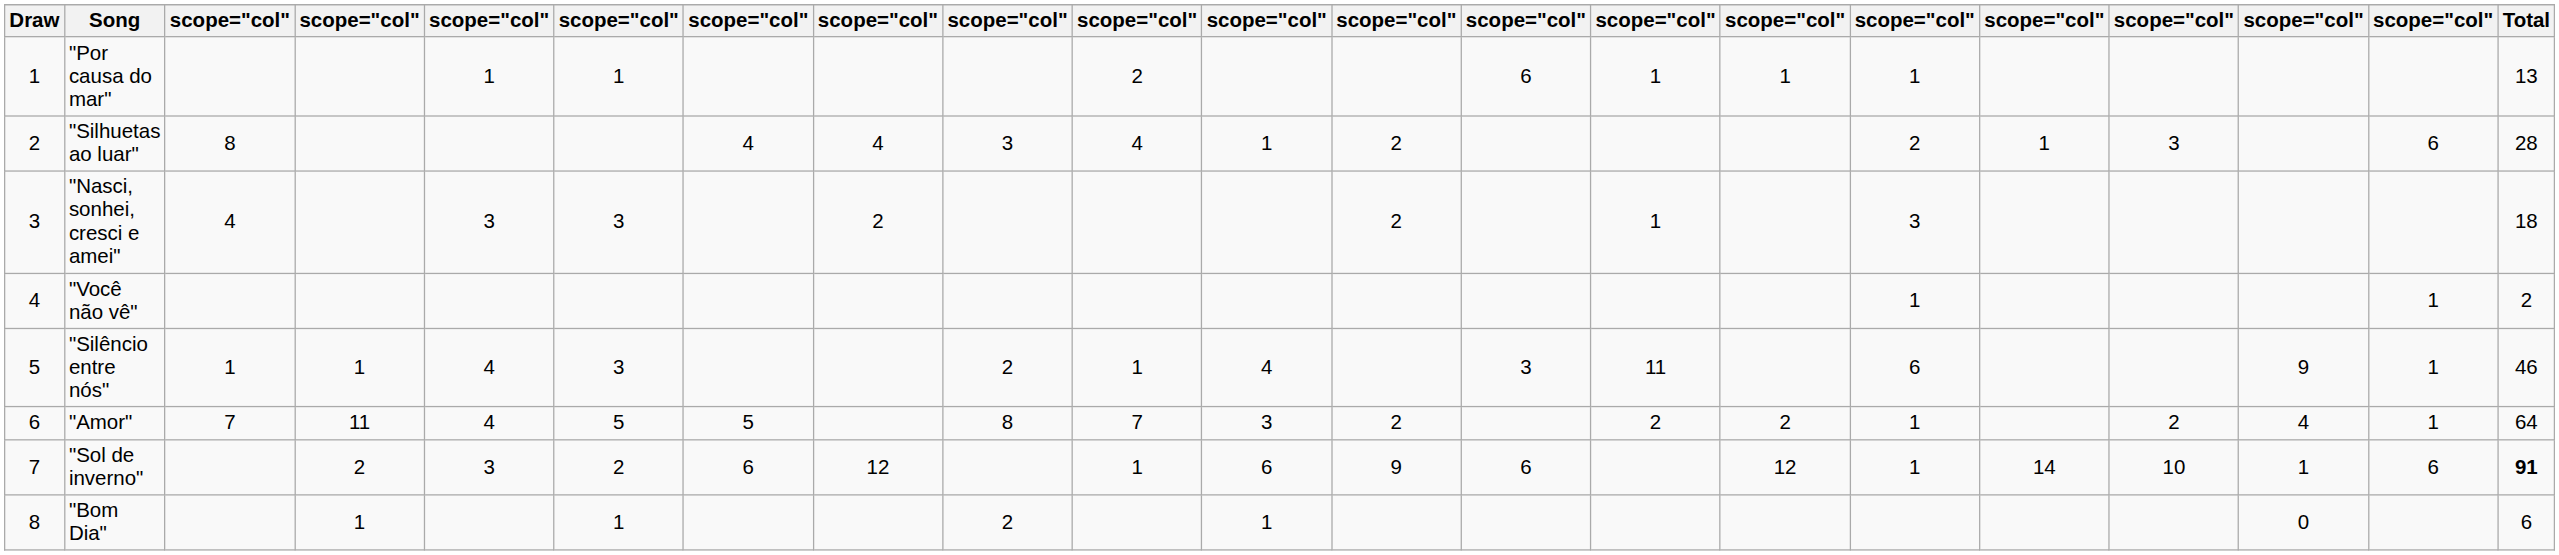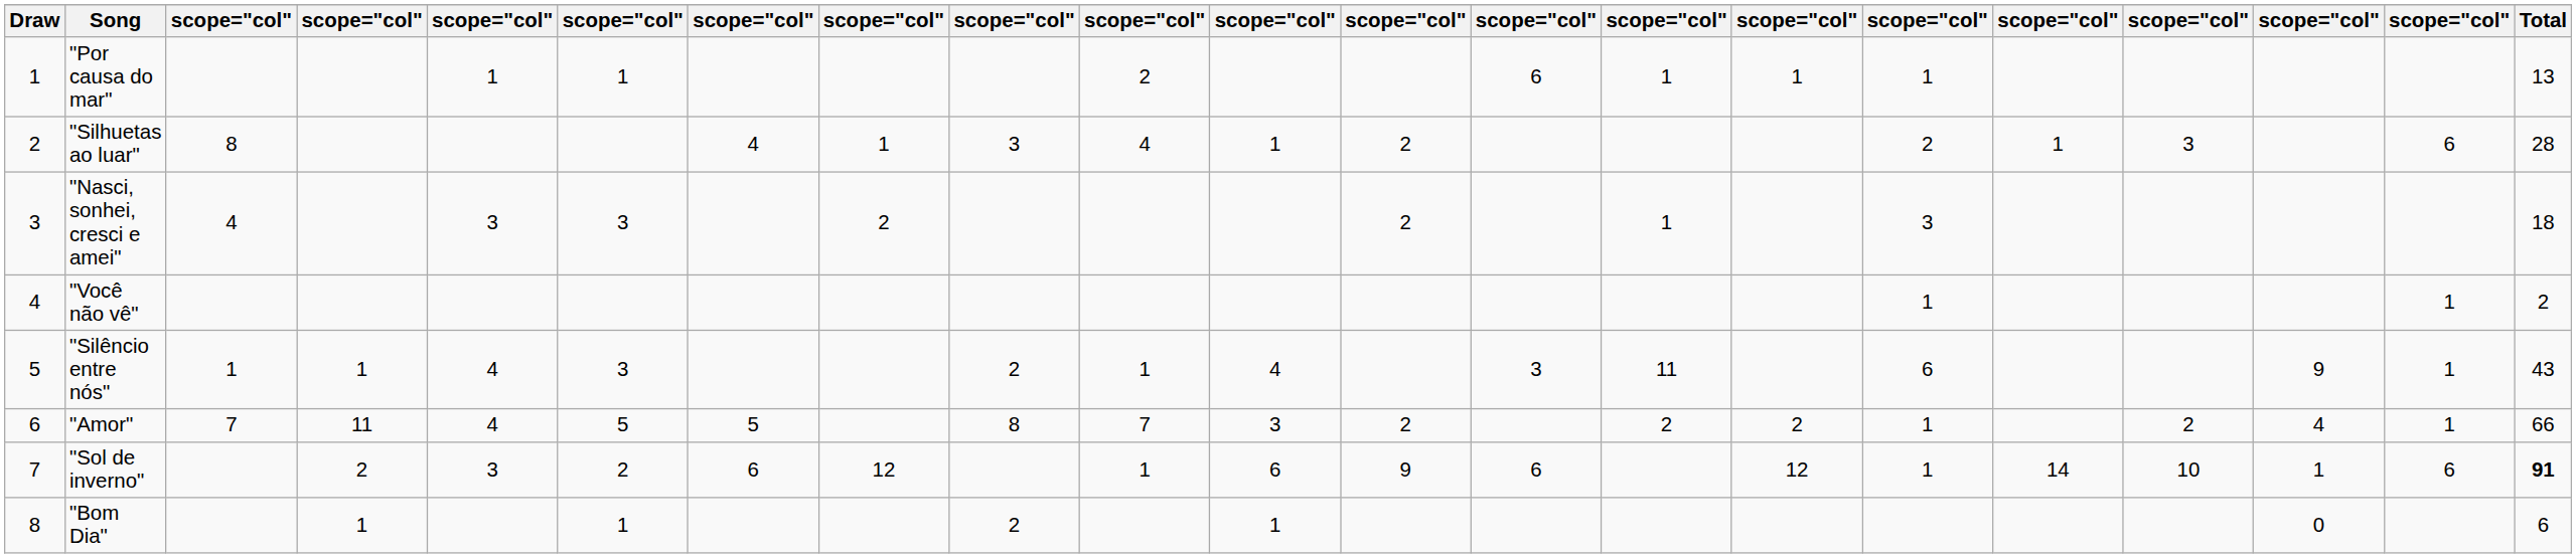 <table class="wikitable plainrowheaders" style="margin: 1em auto 1em auto; text-align:center;">
 <tr>
 </tr>
 <tr>
 <th scope="col">Draw</th>
 <th scope="col">Song</th>
 <th>scope="col" </th>
 <th>scope="col" </th>
 <th>scope="col" </th>
 <th>scope="col" </th>
 <th>scope="col" </th>
 <th>scope="col" </th>
 <th>scope="col" </th>
 <th>scope="col" </th>
 <th>scope="col" </th>
 <th>scope="col" </th>
 <th>scope="col" </th>
 <th>scope="col" </th>
 <th>scope="col" </th>
 <th>scope="col" </th>
 <th>scope="col" </th>
 <th>scope="col" </th>
 <th>scope="col" </th>
 <th>scope="col" </th>
 <th scope="col">Total</th>
 </tr>
 <tr>
 <td>1</td>
 <td align="left">"Por causa do mar"</td>
 <td></td>
 <td></td>
 <td>1</td>
 <td>1</td>
 <td></td>
 <td></td>
 <td></td>
 <td>2</td>
 <td></td>
 <td></td>
 <td>6</td>
 <td>1</td>
 <td>1</td>
 <td>1</td>
 <td></td>
 <td></td>
 <td></td>
 <td></td>
 <td>13</td>
 </tr>
 <tr>
 <td>2</td>
 <td align="left">"Silhuetas ao luar"</td>
 <td>8</td>
 <td></td>
 <td></td>
 <td></td>
 <td>4</td>
-<td>4</td>
+<td>1</td>
 <td>3</td>
 <td>4</td>
 <td>1</td>
 <td>2</td>
 <td></td>
 <td></td>
 <td></td>
 <td>2</td>
 <td>1</td>
 <td>3</td>
 <td></td>
 <td>6</td>
 <td>28</td>
 </tr>
 <tr>
 <td>3</td>
 <td align="left">"Nasci, sonhei, cresci e amei"</td>
 <td>4</td>
 <td></td>
 <td>3</td>
 <td>3</td>
 <td></td>
 <td>2</td>
 <td></td>
 <td></td>
 <td></td>
 <td>2</td>
 <td></td>
 <td>1</td>
 <td></td>
 <td>3</td>
 <td></td>
 <td></td>
 <td></td>
 <td></td>
 <td>18</td>
 </tr>
 <tr>
 <td>4</td>
 <td align="left">"Você não vê"</td>
 <td></td>
 <td></td>
 <td></td>
 <td></td>
 <td></td>
 <td></td>
 <td></td>
 <td></td>
 <td></td>
 <td></td>
 <td></td>
 <td></td>
 <td></td>
 <td>1</td>
 <td></td>
 <td></td>
 <td></td>
 <td>1</td>
 <td>2</td>
 </tr>
 <tr>
 <td>5</td>
 <td align="left">"Silêncio entre nós"</td>
 <td>1</td>
 <td>1</td>
 <td>4</td>
 <td>3</td>
 <td></td>
 <td></td>
 <td>2</td>
 <td>1</td>
 <td>4</td>
 <td></td>
 <td>3</td>
 <td>11</td>
 <td></td>
 <td>6</td>
 <td></td>
 <td></td>
 <td>9</td>
 <td>1</td>
-<td>46</td>
+<td>43</td>
 </tr>
 <tr>
 <td>6</td>
 <td align="left">"Amor"</td>
 <td>7</td>
 <td>11</td>
 <td>4</td>
 <td>5</td>
 <td>5</td>
 <td></td>
 <td>8</td>
 <td>7</td>
 <td>3</td>
 <td>2</td>
 <td></td>
 <td>2</td>
 <td>2</td>
 <td>1</td>
 <td></td>
 <td>2</td>
 <td>4</td>
 <td>1</td>
-<td>64</td>
+<td>66</td>
 </tr>
 <tr>
 <td>7</td>
 <td align="left">"Sol de inverno"</td>
 <td></td>
 <td>2</td>
 <td>3</td>
 <td>2</td>
 <td>6</td>
 <td>12</td>
 <td></td>
 <td>1</td>
 <td>6</td>
 <td>9</td>
 <td>6</td>
 <td></td>
 <td>12</td>
 <td>1</td>
 <td>14</td>
 <td>10</td>
 <td>1</td>
 <td>6</td>
 <td><strong>91</strong></td>
 </tr>
 <tr>
 <td>8</td>
 <td align="left">"Bom Dia"</td>
 <td></td>
 <td>1</td>
 <td></td>
 <td>1</td>
 <td></td>
 <td></td>
 <td>2</td>
 <td></td>
 <td>1</td>
 <td></td>
 <td></td>
 <td></td>
 <td></td>
 <td></td>
 <td></td>
 <td></td>
 <td>0</td>
 <td></td>
 <td>6</td>
 </tr>
 </table>
